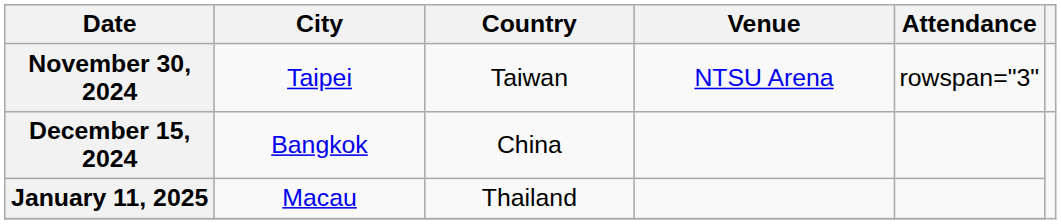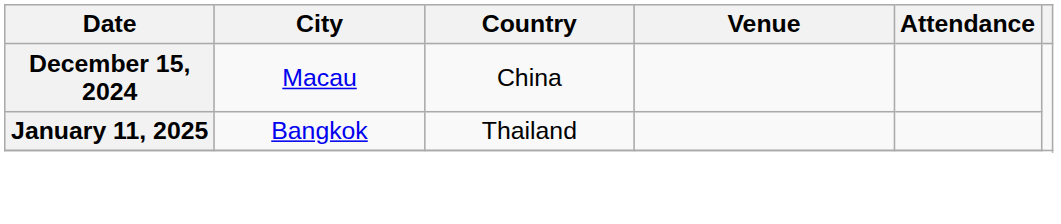 <table class="wikitable sortable plainrowheaders" style="text-align:center;">
 <tr>
 <th style="width:8em;">Date</th>
 <th style="width:8em;">City</th>
 <th style="width:8em;">Country</th>
 <th style="width:10em;">Venue</th>
 <th style="width:5.5em;">Attendance</th>
 <th scope="col" class="unsortable"></th>
 </tr>
 <tr>
-<th scope="row" style="text-align:center">November 30, 2024</th>
-<td><a href='#'>Taipei</a></td>
-<td>Taiwan</td>
-<td><a href='#'>NTSU Arena</a></td>
-<td>rowspan="3" </td>
-<td></td>
-</tr>
-<tr>
 <th scope="row" style="text-align:center">December 15, 2024</th>
-<td><a href='#'>Bangkok</a></td>
+<td><a href='#'>Macau</a></td>
 <td>China</td>
 <td></td>
 <td></td>
 </tr>
 <tr>
 <th scope="row" style="text-align:center">January 11, 2025</th>
-<td><a href='#'>Macau</a></td>
+<td><a href='#'>Bangkok</a></td>
 <td>Thailand</td>
 <td></td>
 <td></td>
 </tr>
 <tr>
 </tr>
 </table>
